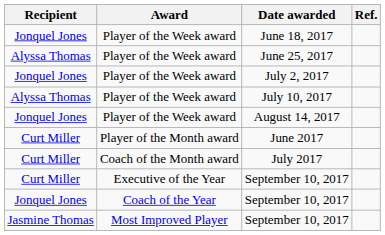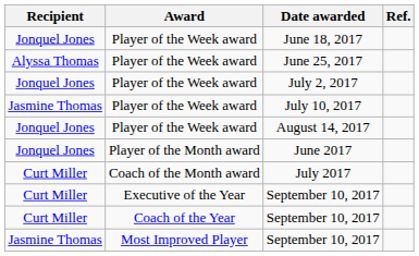 <table class="wikitable sortable sortable" style="text-align: center">
 <tr>
 <th>Recipient</th>
 <th>Award</th>
 <th>Date awarded</th>
 <th>Ref.</th>
 </tr>
 <tr>
 <td><a href='#'>Jonquel Jones</a></td>
 <td>Player of the Week award</td>
 <td>June 18, 2017</td>
 <td></td>
 </tr>
 <tr>
 <td><a href='#'>Alyssa Thomas</a></td>
 <td>Player of the Week award</td>
 <td>June 25, 2017</td>
 <td></td>
 </tr>
 <tr>
 <td><a href='#'>Jonquel Jones</a></td>
 <td>Player of the Week award</td>
 <td>July 2, 2017</td>
 <td></td>
 </tr>
 <tr>
-<td><a href='#'>Alyssa Thomas</a></td>
+<td><a href='#'>Jasmine Thomas</a></td>
 <td>Player of the Week award</td>
 <td>July 10, 2017</td>
 <td></td>
 </tr>
 <tr>
 <td><a href='#'>Jonquel Jones</a></td>
 <td>Player of the Week award</td>
 <td>August 14, 2017</td>
 <td></td>
 </tr>
 <tr>
-<td><a href='#'>Curt Miller</a></td>
+<td><a href='#'>Jonquel Jones</a></td>
 <td>Player of the Month award</td>
 <td>June 2017</td>
 <td></td>
 </tr>
 <tr>
 <td><a href='#'>Curt Miller</a></td>
 <td>Coach of the Month award</td>
 <td>July 2017</td>
 <td></td>
 </tr>
 <tr>
 <td><a href='#'>Curt Miller</a></td>
 <td>Executive of the Year</td>
 <td>September 10, 2017</td>
 <td></td>
 </tr>
 <tr>
-<td><a href='#'>Jonquel Jones</a></td>
+<td><a href='#'>Curt Miller</a></td>
 <td><a href='#'>Coach of the Year</a></td>
 <td>September 10, 2017</td>
 <td></td>
 </tr>
 <tr>
 <td><a href='#'>Jasmine Thomas</a></td>
 <td><a href='#'>Most Improved Player</a></td>
 <td>September 10, 2017</td>
 <td></td>
 </tr>
 </table>
